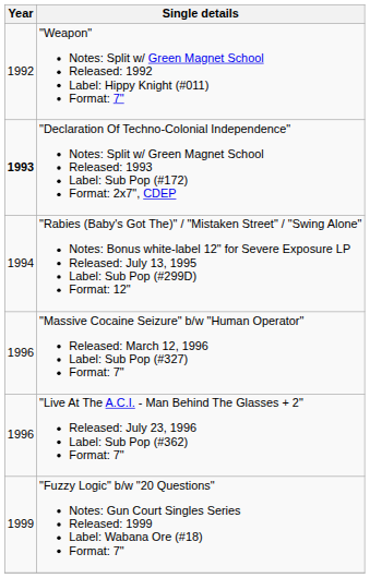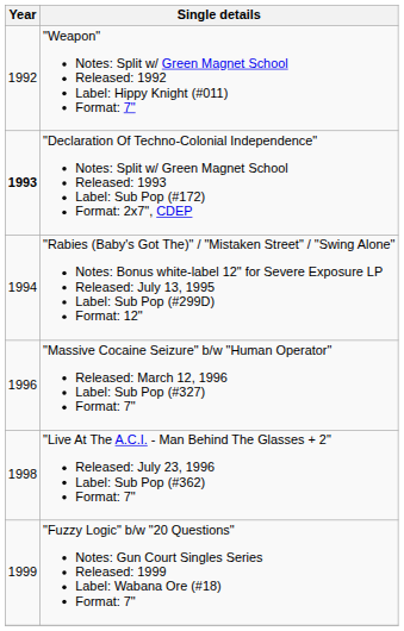 <table class ="wikitable">
 <tr>
 <th>Year</th>
 <th>Single details</th>
 </tr>
 <tr>
 <td>1992</td>
 <td>"Weapon"<br><ul><li>Notes: Split w/ <a href='#'>Green Magnet School</a></li><li>Released: 1992</li><li>Label: Hippy Knight (#011)</li><li>Format: <a href='#'>7"</a></li></ul></td>
 </tr>
 <tr>
 <td><strong>1993</strong></td>
 <td>"Declaration Of Techno-Colonial Independence"<br><ul><li>Notes: Split w/ Green Magnet School</li><li>Released: 1993</li><li>Label: Sub Pop (#172)</li><li>Format: 2x7", <a href='#'>CDEP</a></li></ul></td>
 </tr>
 <tr>
 <td>1994</td>
 <td>"Rabies (Baby's Got The)" / "Mistaken Street" / "Swing Alone"<br><ul><li>Notes: Bonus white-label 12" for Severe Exposure LP</li><li>Released: July 13, 1995</li><li>Label: Sub Pop (#299D)</li><li>Format: 12"</li></ul></td>
 </tr>
 <tr>
 <td>1996</td>
 <td>"Massive Cocaine Seizure" b/w "Human Operator"<br><ul><li>Released: March 12, 1996</li><li>Label: Sub Pop (#327)</li><li>Format: 7"</li></ul></td>
 </tr>
 <tr>
-<td>1996</td>
+<td>1998</td>
 <td>"Live At The <a href='#'>A.C.I.</a> - Man Behind The Glasses + 2"<br><ul><li>Released: July 23, 1996</li><li>Label: Sub Pop (#362)</li><li>Format: 7"</li></ul></td>
 </tr>
 <tr>
 <td>1999</td>
 <td>"Fuzzy Logic" b/w "20 Questions"<br><ul><li>Notes: Gun Court Singles Series</li><li>Released: 1999</li><li>Label: Wabana Ore (#18)</li><li>Format: 7"</li></ul></td>
 </tr>
 <tr>
 </tr>
 </table>
